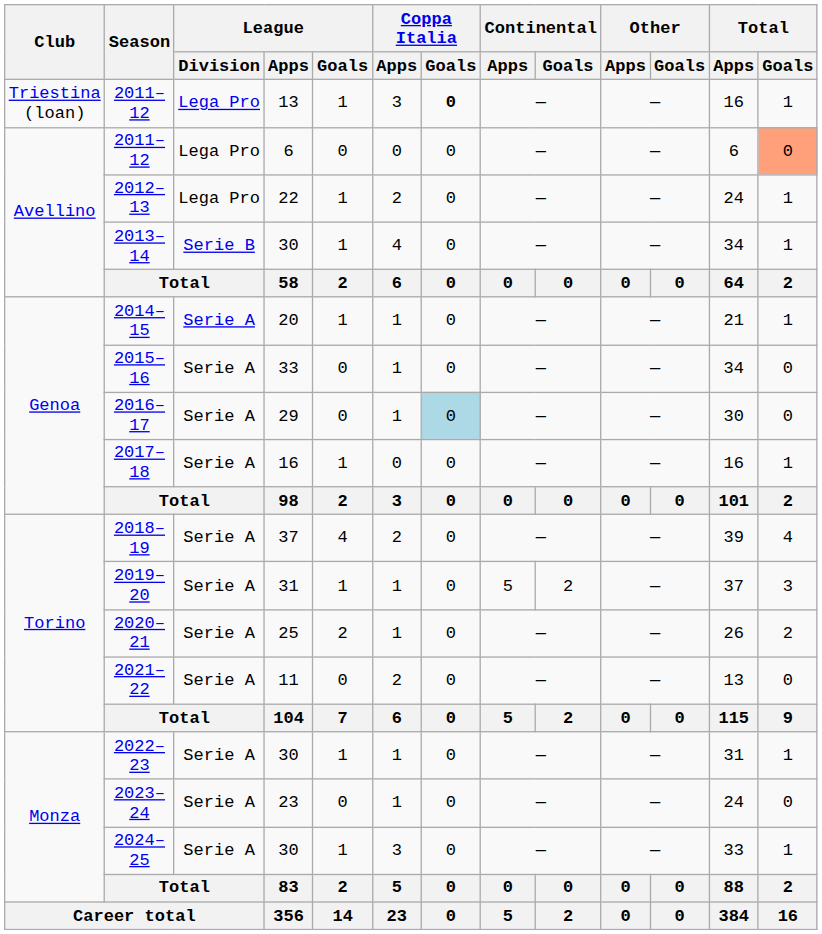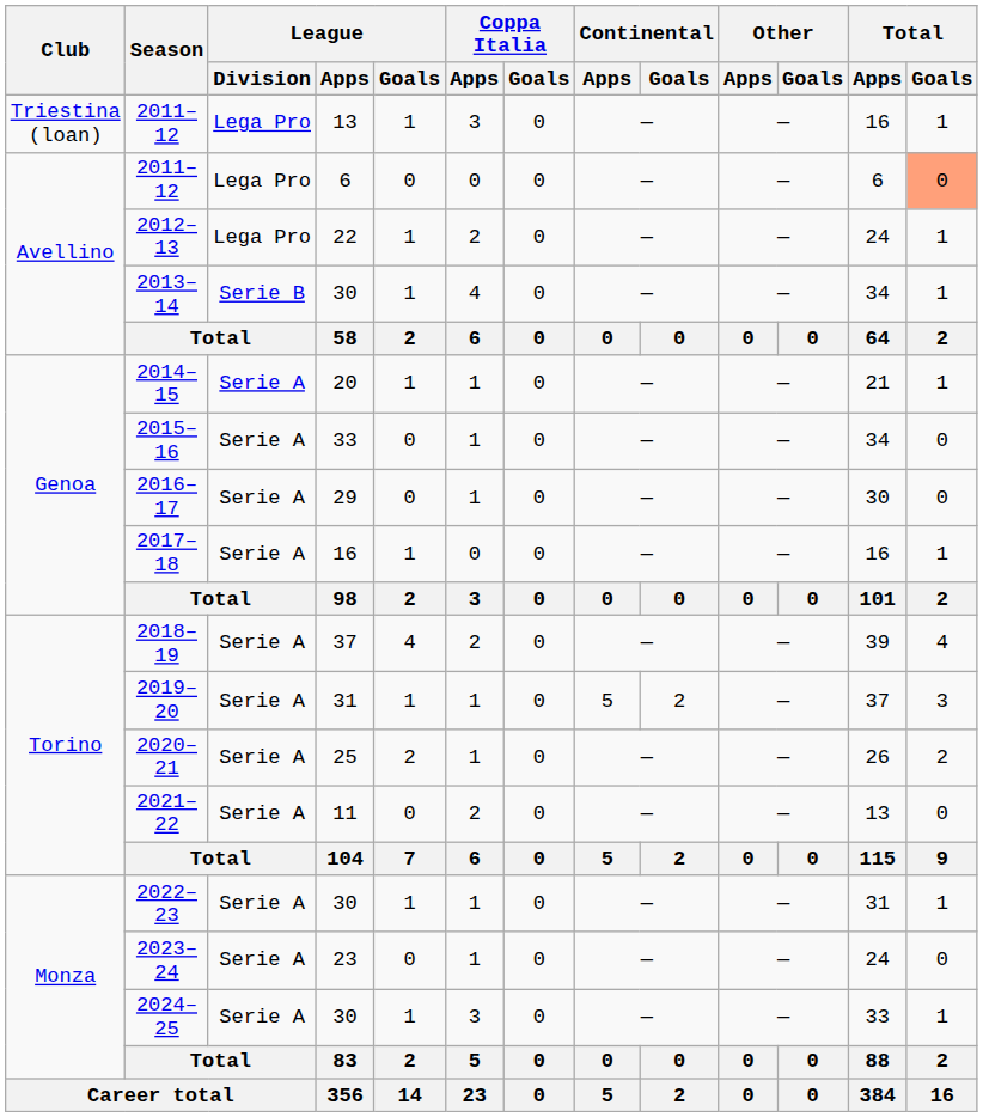 <table class="wikitable" style="text-align: center;">
 <tr>
 <th rowspan="2">Club</th>
 <th rowspan="2">Season</th>
 <th colspan="3">League</th>
 <th colspan="2"><a href='#'>Coppa Italia</a></th>
 <th colspan="2">Continental</th>
 <th colspan="2">Other</th>
 <th colspan="2">Total</th>
 </tr>
 <tr>
 <th>Division</th>
 <th>Apps</th>
 <th>Goals</th>
 <th>Apps</th>
 <th>Goals</th>
 <th>Apps</th>
 <th>Goals</th>
 <th>Apps</th>
 <th>Goals</th>
 <th>Apps</th>
 <th>Goals</th>
 </tr>
 <tr>
 <td><a href='#'>Triestina</a> (loan)</td>
 <td><a href='#'>2011–12</a></td>
 <td><a href='#'>Lega Pro</a></td>
 <td>13</td>
 <td>1</td>
 <td>3</td>
-<td><strong>0</strong></td>
+<td>0</td>
 <td colspan="2">—</td>
 <td colspan="2">—</td>
 <td>16</td>
 <td>1</td>
 </tr>
 <tr>
 <td rowspan="4"><a href='#'>Avellino</a></td>
 <td><a href='#'>2011–12</a></td>
 <td>Lega Pro</td>
 <td>6</td>
 <td>0</td>
 <td>0</td>
 <td>0</td>
 <td colspan="2">—</td>
 <td colspan="2">—</td>
 <td>6</td>
 <td style="background: lightsalmon;">0</td>
 </tr>
 <tr>
 <td><a href='#'>2012–13</a></td>
 <td>Lega Pro</td>
 <td>22</td>
 <td>1</td>
 <td>2</td>
 <td>0</td>
 <td colspan="2">—</td>
 <td colspan="2">—</td>
 <td>24</td>
 <td>1</td>
 </tr>
 <tr>
 <td><a href='#'>2013–14</a></td>
 <td><a href='#'>Serie B</a></td>
 <td>30</td>
 <td>1</td>
 <td>4</td>
 <td>0</td>
 <td colspan="2">—</td>
 <td colspan="2">—</td>
 <td>34</td>
 <td>1</td>
 </tr>
 <tr>
 <th colspan="2">Total</th>
 <th>58</th>
 <th>2</th>
 <th>6</th>
 <th>0</th>
 <th>0</th>
 <th>0</th>
 <th>0</th>
 <th>0</th>
 <th>64</th>
 <th>2</th>
 </tr>
 <tr>
 <td rowspan="5"><a href='#'>Genoa</a></td>
 <td><a href='#'>2014–15</a></td>
 <td><a href='#'>Serie A</a></td>
 <td>20</td>
 <td>1</td>
 <td>1</td>
 <td>0</td>
 <td colspan="2">—</td>
 <td colspan="2">—</td>
 <td>21</td>
 <td>1</td>
 </tr>
 <tr>
 <td><a href='#'>2015–16</a></td>
 <td>Serie A</td>
 <td>33</td>
 <td>0</td>
 <td>1</td>
 <td>0</td>
 <td colspan="2">—</td>
 <td colspan="2">—</td>
 <td>34</td>
 <td>0</td>
 </tr>
 <tr>
 <td><a href='#'>2016–17</a></td>
 <td>Serie A</td>
 <td>29</td>
 <td>0</td>
 <td>1</td>
-<td style="background: lightblue;">0</td>
+<td>0</td>
 <td colspan="2">—</td>
 <td colspan="2">—</td>
 <td>30</td>
 <td>0</td>
 </tr>
 <tr>
 <td><a href='#'>2017–18</a></td>
 <td>Serie A</td>
 <td>16</td>
 <td>1</td>
 <td>0</td>
 <td>0</td>
 <td colspan="2">—</td>
 <td colspan="2">—</td>
 <td>16</td>
 <td>1</td>
 </tr>
 <tr>
 <th colspan="2">Total</th>
 <th>98</th>
 <th>2</th>
 <th>3</th>
 <th>0</th>
 <th>0</th>
 <th>0</th>
 <th>0</th>
 <th>0</th>
 <th>101</th>
 <th>2</th>
 </tr>
 <tr>
 <td rowspan="5"><a href='#'>Torino</a></td>
 <td><a href='#'>2018–19</a></td>
 <td>Serie A</td>
 <td>37</td>
 <td>4</td>
 <td>2</td>
 <td>0</td>
 <td colspan="2">—</td>
 <td colspan="2">—</td>
 <td>39</td>
 <td>4</td>
 </tr>
 <tr>
 <td><a href='#'>2019–20</a></td>
 <td>Serie A</td>
 <td>31</td>
 <td>1</td>
 <td>1</td>
 <td>0</td>
 <td>5</td>
 <td>2</td>
 <td colspan="2">—</td>
 <td>37</td>
 <td>3</td>
 </tr>
 <tr>
 <td><a href='#'>2020–21</a></td>
 <td>Serie A</td>
 <td>25</td>
 <td>2</td>
 <td>1</td>
 <td>0</td>
 <td colspan="2">—</td>
 <td colspan="2">—</td>
 <td>26</td>
 <td>2</td>
 </tr>
 <tr>
 <td><a href='#'>2021–22</a></td>
 <td>Serie A</td>
 <td>11</td>
 <td>0</td>
 <td>2</td>
 <td>0</td>
 <td colspan="2">—</td>
 <td colspan="2">—</td>
 <td>13</td>
 <td>0</td>
 </tr>
 <tr>
 <th colspan="2">Total</th>
 <th>104</th>
 <th>7</th>
 <th>6</th>
 <th>0</th>
 <th>5</th>
 <th>2</th>
 <th>0</th>
 <th>0</th>
 <th>115</th>
 <th>9</th>
 </tr>
 <tr>
 <td rowspan="4"><a href='#'>Monza</a></td>
 <td><a href='#'>2022–23</a></td>
 <td>Serie A</td>
 <td>30</td>
 <td>1</td>
 <td>1</td>
 <td>0</td>
 <td colspan="2">—</td>
 <td colspan="2">—</td>
 <td>31</td>
 <td>1</td>
 </tr>
 <tr>
 <td><a href='#'>2023–24</a></td>
 <td>Serie A</td>
 <td>23</td>
 <td>0</td>
 <td>1</td>
 <td>0</td>
 <td colspan="2">—</td>
 <td colspan="2">—</td>
 <td>24</td>
 <td>0</td>
 </tr>
 <tr>
 <td><a href='#'>2024–25</a></td>
 <td>Serie A</td>
 <td>30</td>
 <td>1</td>
 <td>3</td>
 <td>0</td>
 <td colspan="2">—</td>
 <td colspan="2">—</td>
 <td>33</td>
 <td>1</td>
 </tr>
 <tr>
 <th colspan="2">Total</th>
 <th>83</th>
 <th>2</th>
 <th>5</th>
 <th>0</th>
 <th>0</th>
 <th>0</th>
 <th>0</th>
 <th>0</th>
 <th>88</th>
 <th>2</th>
 </tr>
 <tr>
 <th colspan="3">Career total</th>
 <th>356</th>
 <th>14</th>
 <th>23</th>
 <th>0</th>
 <th>5</th>
 <th>2</th>
 <th>0</th>
 <th>0</th>
 <th>384</th>
 <th>16</th>
 </tr>
 </table>
